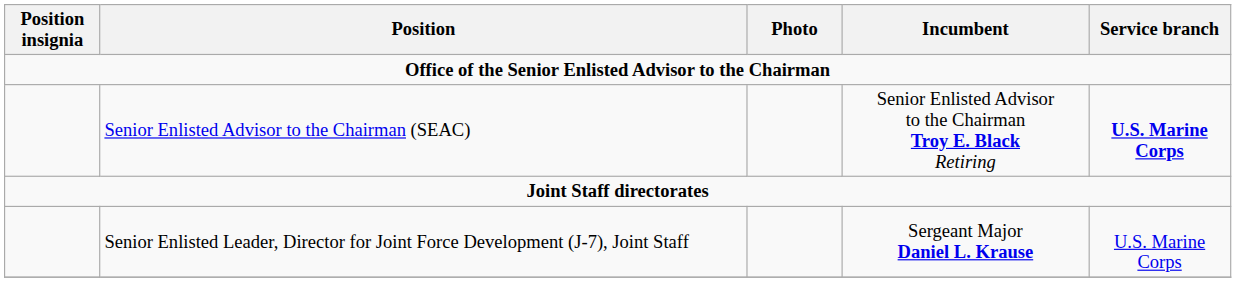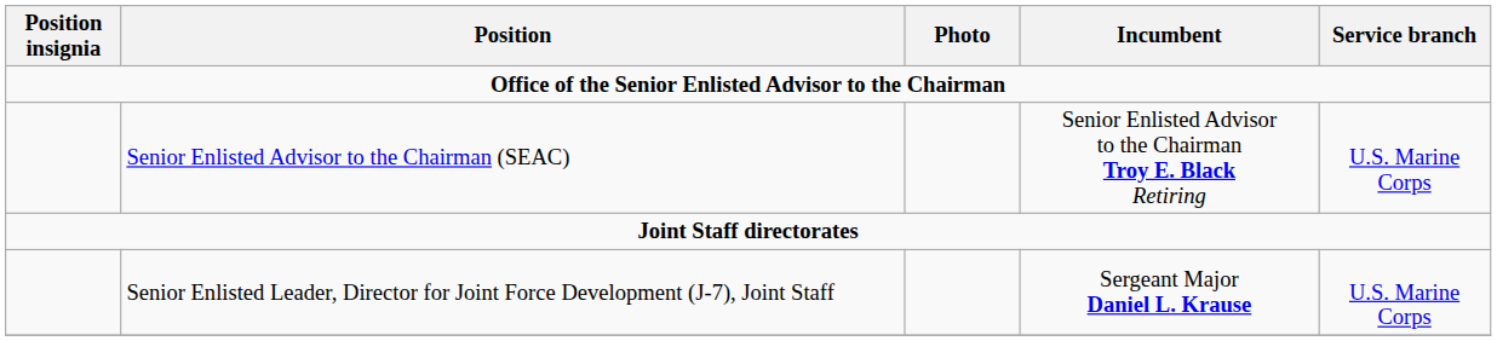 <table class="wikitable">
 <tr>
 <th width="75" style="text-align:center">Position insignia</th>
 <th width="550" style="text-align:center">Position</th>
 <th width="75" style="text-align:center">Photo</th>
 <th width="205" style="text-align:center">Incumbent</th>
 <th width="115" style="text-align:center">Service branch</th>
 </tr>
 <tr>
 <td colspan="5" style="text-align:center"><strong>Office of the Senior Enlisted Advisor to the Chairman</strong></td>
 </tr>
 <tr>
 <td></td>
 <td><a href='#'>Senior Enlisted Advisor to the Chairman</a> (SEAC)</td>
 <td></td>
 <td style="text-align:center">Senior Enlisted Advisor<br>to the Chairman<br><strong><a href='#'>Troy E. Black</a></strong><br><em>Retiring</em></td>
-<td style="text-align:center"><strong><br><a href='#'>U.S. Marine Corps</a></strong></td>
+<td style="text-align:center"><br><a href='#'>U.S. Marine Corps</a></td>
 </tr>
 <tr>
 <td colspan="5" style="text-align:center"><strong>Joint Staff directorates</strong></td>
 </tr>
 <tr>
 <td></td>
 <td>Senior Enlisted Leader, Director for Joint Force Development (J-7), Joint Staff</td>
 <td></td>
 <td style="text-align:center">Sergeant Major<br><strong><a href='#'>Daniel L. Krause</a></strong></td>
 <td style="text-align:center"><br><a href='#'>U.S. Marine Corps</a></td>
 </tr>
 <tr>
 </tr>
 </table>
